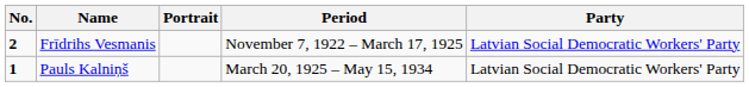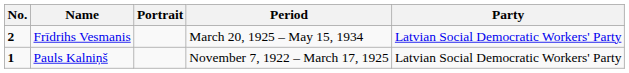 <table class="wikitable">
 <tr>
 <th>No.</th>
 <th>Name</th>
 <th>Portrait</th>
 <th>Period</th>
 <th>Party</th>
 </tr>
 <tr>
 <td style="background:"><strong>2</strong></td>
 <td><a href='#'>Frīdrihs Vesmanis</a></td>
 <td></td>
-<td>November 7, 1922 – March 17, 1925</td>
+<td>March 20, 1925 – May 15, 1934</td>
 <td><a href='#'>Latvian Social Democratic Workers' Party</a></td>
 </tr>
 <tr>
 <td style="background:"><strong>1</strong></td>
 <td><a href='#'>Pauls Kalniņš</a></td>
 <td></td>
-<td>March 20, 1925 – May 15, 1934</td>
+<td>November 7, 1922 – March 17, 1925</td>
 <td>Latvian Social Democratic Workers' Party</td>
 </tr>
 </table>
